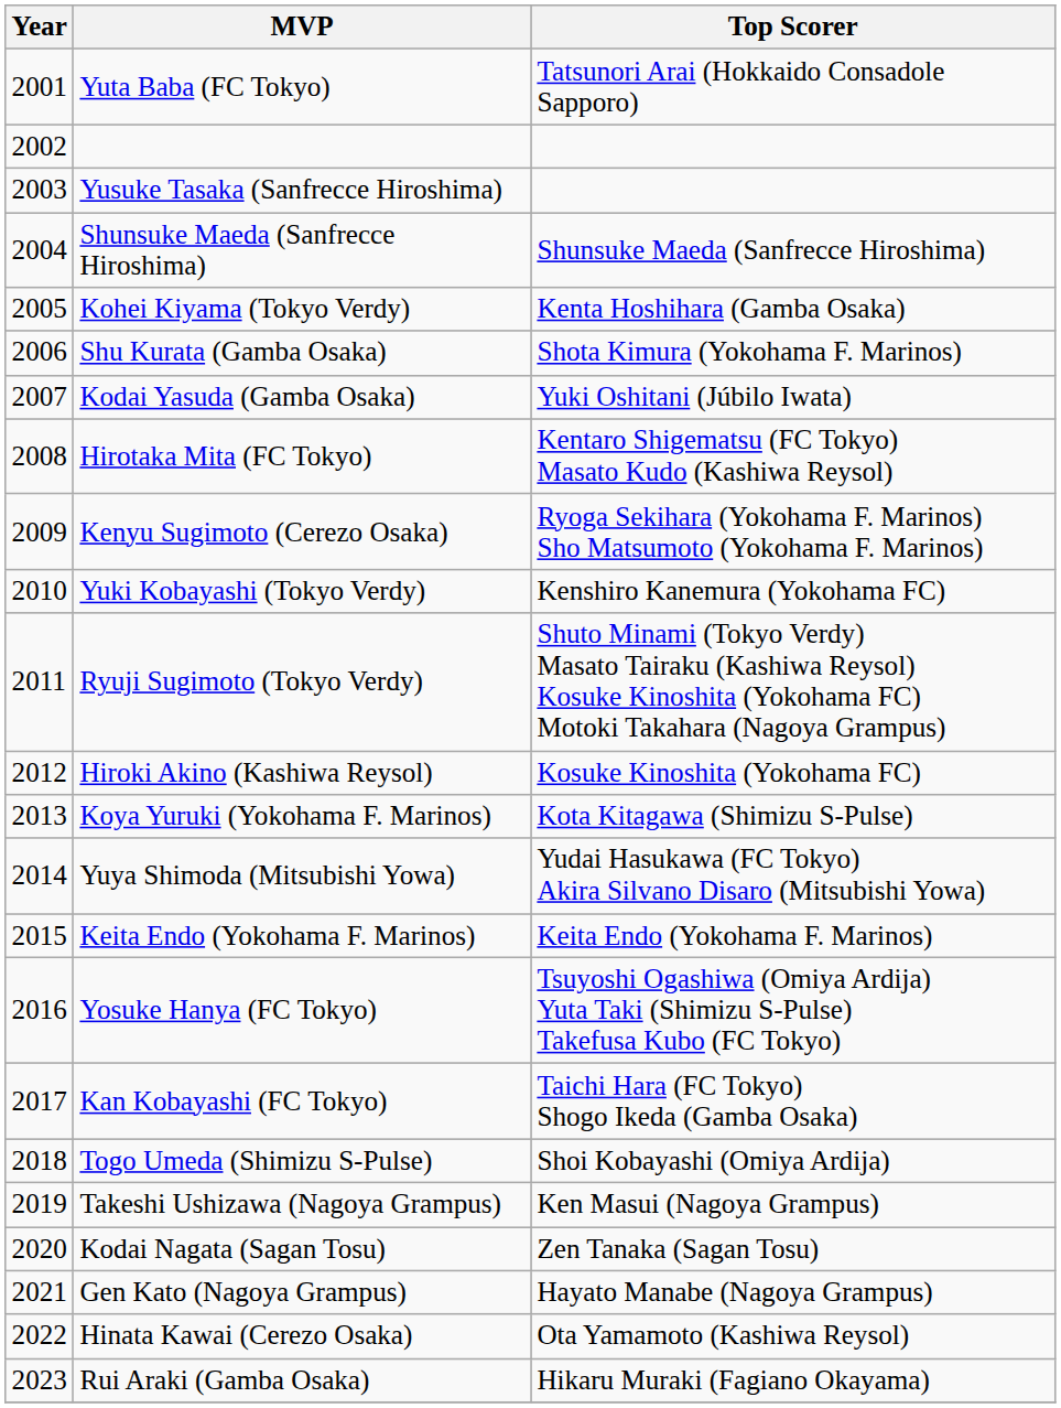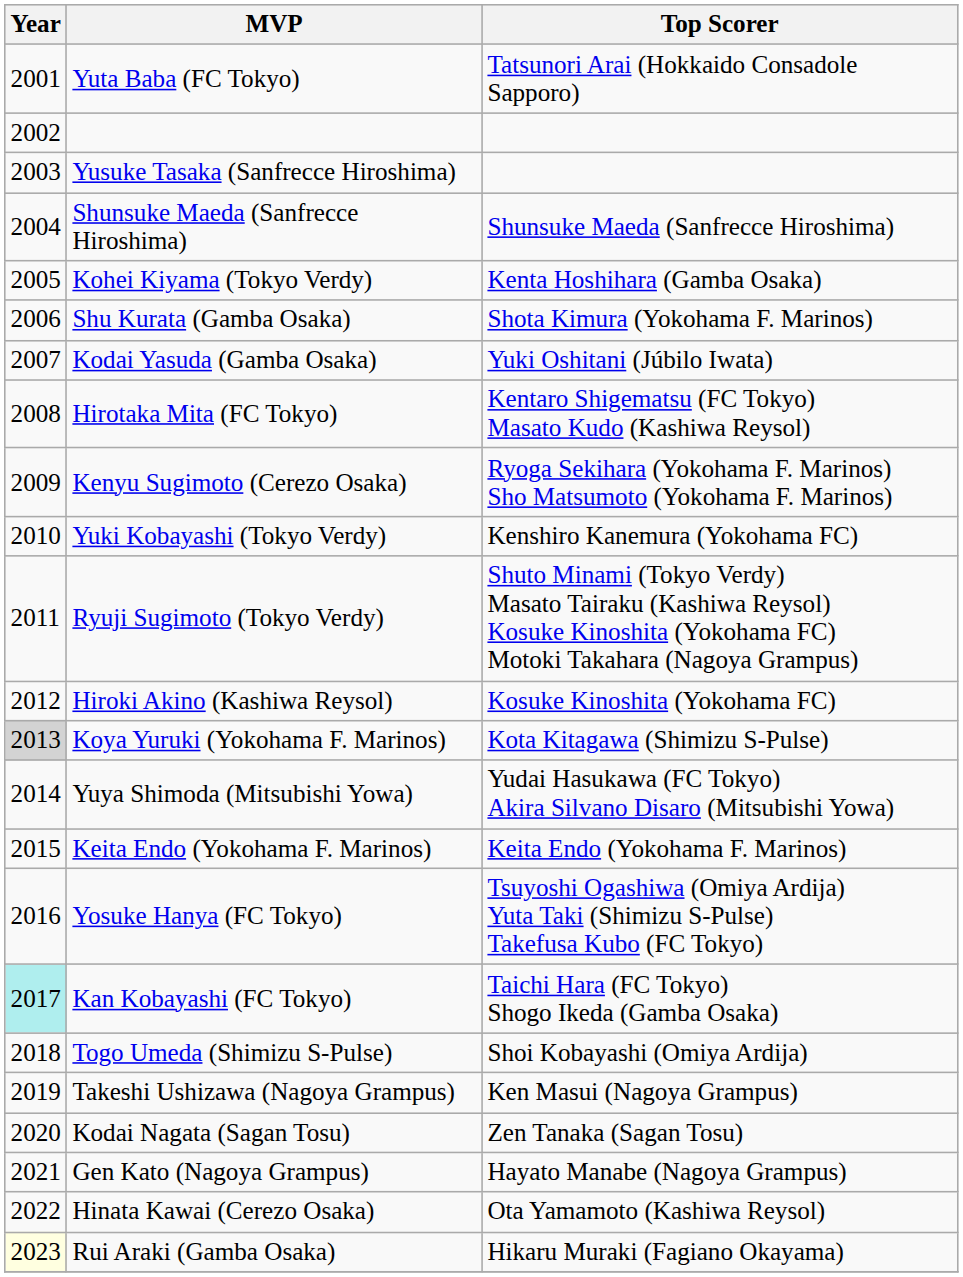 <table class="wikitable sortable">
 <tr>
 <th>Year</th>
 <th>MVP</th>
 <th>Top Scorer</th>
 </tr>
 <tr>
 <td>2001</td>
 <td><a href='#'>Yuta Baba</a> (FC Tokyo)</td>
 <td><a href='#'>Tatsunori Arai</a> (Hokkaido Consadole Sapporo)</td>
 </tr>
 <tr>
 <td>2002</td>
 <td></td>
 <td></td>
 </tr>
 <tr>
 <td>2003</td>
 <td><a href='#'>Yusuke Tasaka</a> (Sanfrecce Hiroshima)</td>
 <td></td>
 </tr>
 <tr>
 <td>2004</td>
 <td><a href='#'>Shunsuke Maeda</a> (Sanfrecce Hiroshima)</td>
 <td><a href='#'>Shunsuke Maeda</a> (Sanfrecce Hiroshima)</td>
 </tr>
 <tr>
 <td>2005</td>
 <td><a href='#'>Kohei Kiyama</a> (Tokyo Verdy)</td>
 <td><a href='#'>Kenta Hoshihara</a> (Gamba Osaka)</td>
 </tr>
 <tr>
 <td>2006</td>
 <td><a href='#'>Shu Kurata</a> (Gamba Osaka)</td>
 <td><a href='#'>Shota Kimura</a> (Yokohama F. Marinos)</td>
 </tr>
 <tr>
 <td>2007</td>
 <td><a href='#'>Kodai Yasuda</a> (Gamba Osaka)</td>
 <td><a href='#'>Yuki Oshitani</a> (Júbilo Iwata)</td>
 </tr>
 <tr>
 <td>2008</td>
 <td><a href='#'>Hirotaka Mita</a> (FC Tokyo)</td>
 <td><a href='#'>Kentaro Shigematsu</a> (FC Tokyo)<br><a href='#'>Masato Kudo</a> (Kashiwa Reysol)</td>
 </tr>
 <tr>
 <td>2009</td>
 <td><a href='#'>Kenyu Sugimoto</a> (Cerezo Osaka)</td>
 <td><a href='#'>Ryoga Sekihara</a> (Yokohama F. Marinos)<br><a href='#'>Sho Matsumoto</a> (Yokohama F. Marinos)</td>
 </tr>
 <tr>
 <td>2010</td>
 <td><a href='#'>Yuki Kobayashi</a> (Tokyo Verdy)</td>
 <td>Kenshiro Kanemura (Yokohama FC)</td>
 </tr>
 <tr>
 <td>2011</td>
 <td><a href='#'>Ryuji Sugimoto</a> (Tokyo Verdy)</td>
 <td><a href='#'>Shuto Minami</a> (Tokyo Verdy)<br>Masato Tairaku (Kashiwa Reysol)<br><a href='#'>Kosuke Kinoshita</a> (Yokohama FC)<br>Motoki Takahara (Nagoya Grampus)</td>
 </tr>
 <tr>
 <td>2012</td>
 <td><a href='#'>Hiroki Akino</a> (Kashiwa Reysol)</td>
 <td><a href='#'>Kosuke Kinoshita</a> (Yokohama FC)</td>
 </tr>
 <tr>
-<td>2013</td>
+<td style="background: lightgrey;">2013</td>
 <td><a href='#'>Koya Yuruki</a> (Yokohama F. Marinos)</td>
 <td><a href='#'>Kota Kitagawa</a> (Shimizu S-Pulse)</td>
 </tr>
 <tr>
 <td>2014</td>
 <td>Yuya Shimoda (Mitsubishi Yowa)</td>
 <td>Yudai Hasukawa (FC Tokyo)<br><a href='#'>Akira Silvano Disaro</a> (Mitsubishi Yowa)</td>
 </tr>
 <tr>
 <td>2015</td>
 <td><a href='#'>Keita Endo</a> (Yokohama F. Marinos)</td>
 <td><a href='#'>Keita Endo</a> (Yokohama F. Marinos)</td>
 </tr>
 <tr>
 <td>2016</td>
 <td><a href='#'>Yosuke Hanya</a> (FC Tokyo)</td>
 <td><a href='#'>Tsuyoshi Ogashiwa</a> (Omiya Ardija)<br><a href='#'>Yuta Taki</a> (Shimizu S-Pulse)<br><a href='#'>Takefusa Kubo</a> (FC Tokyo)</td>
 </tr>
 <tr>
-<td>2017</td>
+<td style="background: paleturquoise;">2017</td>
 <td><a href='#'>Kan Kobayashi</a> (FC Tokyo)</td>
 <td><a href='#'>Taichi Hara</a> (FC Tokyo)<br>Shogo Ikeda (Gamba Osaka)</td>
 </tr>
 <tr>
 <td>2018</td>
 <td><a href='#'>Togo Umeda</a> (Shimizu S-Pulse)</td>
 <td>Shoi Kobayashi (Omiya Ardija)</td>
 </tr>
 <tr>
 <td>2019</td>
 <td>Takeshi Ushizawa (Nagoya Grampus)</td>
 <td>Ken Masui (Nagoya Grampus)</td>
 </tr>
 <tr>
 <td>2020</td>
 <td>Kodai Nagata (Sagan Tosu)</td>
 <td>Zen Tanaka (Sagan Tosu)</td>
 </tr>
 <tr>
 <td>2021</td>
 <td>Gen Kato (Nagoya Grampus)</td>
 <td>Hayato Manabe (Nagoya Grampus)</td>
 </tr>
 <tr>
 <td>2022</td>
 <td>Hinata Kawai (Cerezo Osaka)</td>
 <td>Ota Yamamoto (Kashiwa Reysol)</td>
 </tr>
 <tr>
-<td>2023 </td>
+<td style="background: lightyellow;">2023 </td>
 <td>Rui Araki (Gamba Osaka)</td>
 <td>Hikaru Muraki (Fagiano Okayama)</td>
 </tr>
 <tr>
 </tr>
 </table>
